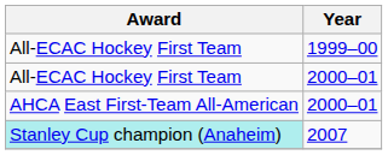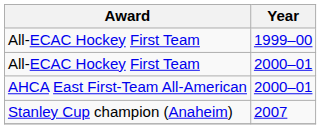 <table class="wikitable">
 <tr>
 <th>Award</th>
 <th>Year</th>
 </tr>
 <tr>
 <td>All-<a href='#'>ECAC Hockey</a> <a href='#'>First Team</a></td>
 <td><a href='#'>1999–00</a></td>
 </tr>
 <tr>
 <td>All-<a href='#'>ECAC Hockey</a> <a href='#'>First Team</a></td>
 <td><a href='#'>2000–01</a></td>
 </tr>
 <tr>
 <td><a href='#'>AHCA</a> <a href='#'>East First-Team All-American</a></td>
 <td><a href='#'>2000–01</a></td>
 </tr>
 <tr>
-<td style="background: paleturquoise;"><a href='#'>Stanley Cup</a> champion (<a href='#'>Anaheim</a>)</td>
+<td><a href='#'>Stanley Cup</a> champion (<a href='#'>Anaheim</a>)</td>
 <td><a href='#'>2007</a></td>
 </tr>
 <tr>
 </tr>
 </table>
